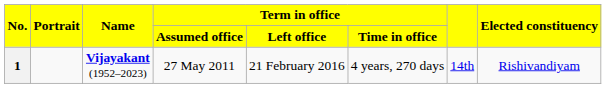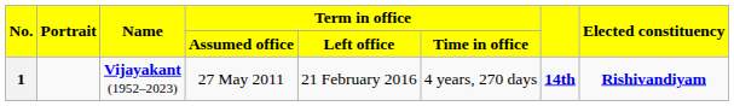 <table class="wikitable sortable" style="text-align:center;">
 <tr>
 <th rowspan=2 style="background-color:#FFFF00;color:black">No.</th>
 <th rowspan=2 style="background-color:#FFFF00;color:black">Portrait</th>
 <th rowspan=2 style="background-color:#FFFF00;color:black">Name<br></th>
 <th colspan=3 style="background-color:#FFFF00;color:black">Term in office</th>
 <th rowspan=2 style="background-color:#FFFF00;color:black"><a href='#'></a><br></th>
 <th rowspan=2 style="background-color:#FFFF00;color:black">Elected constituency</th>
 </tr>
 <tr>
 <th style="background-color:#FFFF00;color:black">Assumed office</th>
 <th style="background-color:#FFFF00;color:black">Left office</th>
 <th style="background-color:#FFFF00;color:black">Time in office</th>
 </tr>
 <tr>
 <th>1</th>
 <td></td>
 <td><strong><a href='#'>Vijayakant</a></strong><br><small>(1952–2023)</small></td>
 <td>27 May 2011</td>
 <td>21 February 2016</td>
 <td>4 years, 270 days</td>
-<td><a href='#'>14th</a><br></td>
-<td><a href='#'>Rishivandiyam</a></td>
+<td><strong><a href='#'>14th</a><br></strong></td>
+<td><strong><a href='#'>Rishivandiyam</a></strong></td>
 </tr>
 </table>
